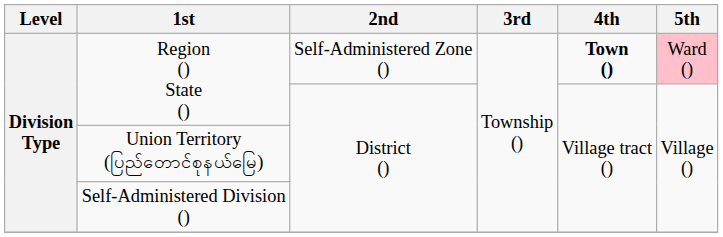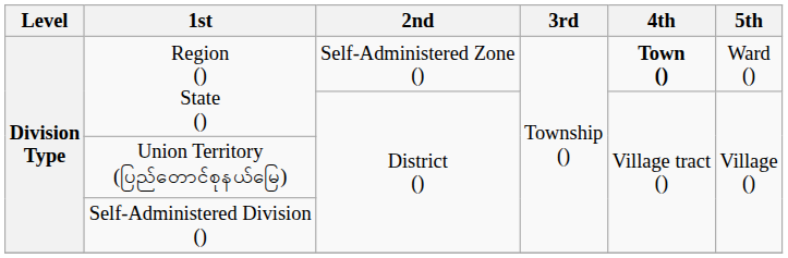 <table class="wikitable" style="text-align:center;">
 <tr>
 <th>Level</th>
 <th>1st</th>
 <th>2nd</th>
 <th>3rd</th>
 <th>4th</th>
 <th>5th</th>
 </tr>
 <tr>
 <th rowspan="4">Division<br>Type</th>
 <td rowspan="2">Region<br>()<br>State<br>()</td>
 <td>Self-Administered Zone<br>()</td>
 <td rowspan="4">Township<br>()</td>
 <td><strong>Town<br>()</strong></td>
-<td style="background: pink;">Ward<br>()</td>
+<td>Ward<br>()</td>
 </tr>
 <tr>
 <td rowspan="3">District<br>()</td>
 <td rowspan="3">Village tract<br>()</td>
 <td rowspan="3">Village<br>()</td>
 </tr>
 <tr>
 <td>Union Territory<br>(ပြည်တောင်စုနယ်မြေ)</td>
 </tr>
 <tr>
 <td>Self-Administered Division<br>()</td>
 </tr>
 <tr>
 </tr>
 </table>
